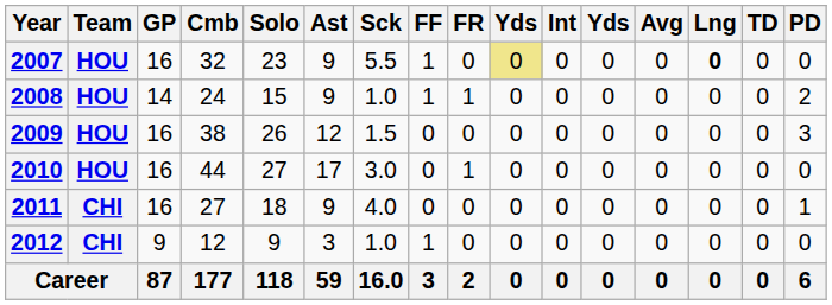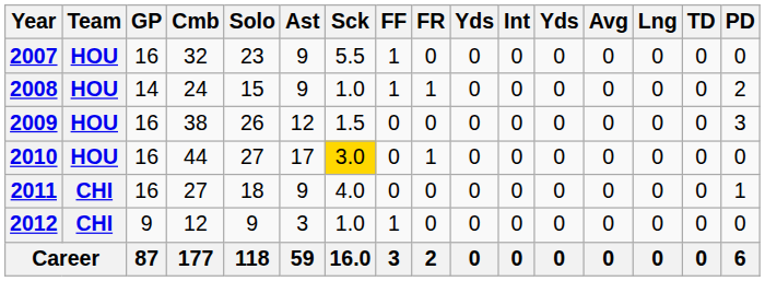 <table class="wikitable" style="text-align:center;">
 <tr>
 <th>Year</th>
 <th>Team</th>
 <th>GP</th>
 <th>Cmb</th>
 <th>Solo</th>
 <th>Ast</th>
 <th>Sck</th>
 <th>FF</th>
 <th>FR</th>
 <th>Yds</th>
 <th>Int</th>
 <th>Yds</th>
 <th>Avg</th>
 <th>Lng</th>
 <th>TD</th>
 <th>PD</th>
 </tr>
 <tr>
 <th><a href='#'>2007</a></th>
 <th><a href='#'>HOU</a></th>
 <td>16</td>
 <td>32</td>
 <td>23</td>
 <td>9</td>
 <td>5.5</td>
 <td>1</td>
 <td>0</td>
-<td style="background: khaki;">0</td>
 <td>0</td>
 <td>0</td>
 <td>0</td>
-<td><strong>0</strong></td>
+<td>0</td>
+<td>0</td>
 <td>0</td>
 <td>0</td>
 </tr>
 <tr>
 <th><a href='#'>2008</a></th>
 <th><a href='#'>HOU</a></th>
 <td>14</td>
 <td>24</td>
 <td>15</td>
 <td>9</td>
 <td>1.0</td>
 <td>1</td>
 <td>1</td>
 <td>0</td>
 <td>0</td>
 <td>0</td>
 <td>0</td>
 <td>0</td>
 <td>0</td>
 <td>2</td>
 </tr>
 <tr>
 <th><a href='#'>2009</a></th>
 <th><a href='#'>HOU</a></th>
 <td>16</td>
 <td>38</td>
 <td>26</td>
 <td>12</td>
 <td>1.5</td>
 <td>0</td>
 <td>0</td>
 <td>0</td>
 <td>0</td>
 <td>0</td>
 <td>0</td>
 <td>0</td>
 <td>0</td>
 <td>3</td>
 </tr>
 <tr>
 <th><a href='#'>2010</a></th>
 <th><a href='#'>HOU</a></th>
 <td>16</td>
 <td>44</td>
 <td>27</td>
 <td>17</td>
-<td>3.0</td>
+<td style="background: gold;">3.0</td>
 <td>0</td>
 <td>1</td>
 <td>0</td>
 <td>0</td>
 <td>0</td>
 <td>0</td>
 <td>0</td>
 <td>0</td>
 <td>0</td>
 </tr>
 <tr>
 <th><a href='#'>2011</a></th>
 <th><a href='#'>CHI</a></th>
 <td>16</td>
 <td>27</td>
 <td>18</td>
 <td>9</td>
 <td>4.0</td>
 <td>0</td>
 <td>0</td>
 <td>0</td>
 <td>0</td>
 <td>0</td>
 <td>0</td>
 <td>0</td>
 <td>0</td>
 <td>1</td>
 </tr>
 <tr>
 <th><a href='#'>2012</a></th>
 <th><a href='#'>CHI</a></th>
 <td>9</td>
 <td>12</td>
 <td>9</td>
 <td>3</td>
 <td>1.0</td>
 <td>1</td>
 <td>0</td>
 <td>0</td>
 <td>0</td>
 <td>0</td>
 <td>0</td>
 <td>0</td>
 <td>0</td>
 <td>0</td>
 </tr>
 <tr>
 <th colspan="2">Career</th>
 <th>87</th>
 <th>177</th>
 <th>118</th>
 <th>59</th>
 <th>16.0</th>
 <th>3</th>
 <th>2</th>
 <th>0</th>
 <th>0</th>
 <th>0</th>
 <th>0</th>
 <th>0</th>
 <th>0</th>
 <th>6</th>
 </tr>
 </table>
